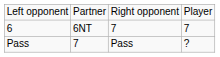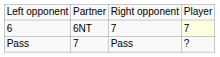 <table class="wikitable">
 <tr>
 <td>Left opponent</td>
 <td>Partner</td>
 <td>Right opponent</td>
 <td>Player</td>
 </tr>
 <tr>
 <td>6</td>
 <td>6NT</td>
 <td>7</td>
-<td>7</td>
+<td style="background: lightyellow;">7</td>
 </tr>
 <tr>
 <td>Pass</td>
 <td>7</td>
 <td>Pass</td>
 <td>?</td>
 </tr>
 </table>
